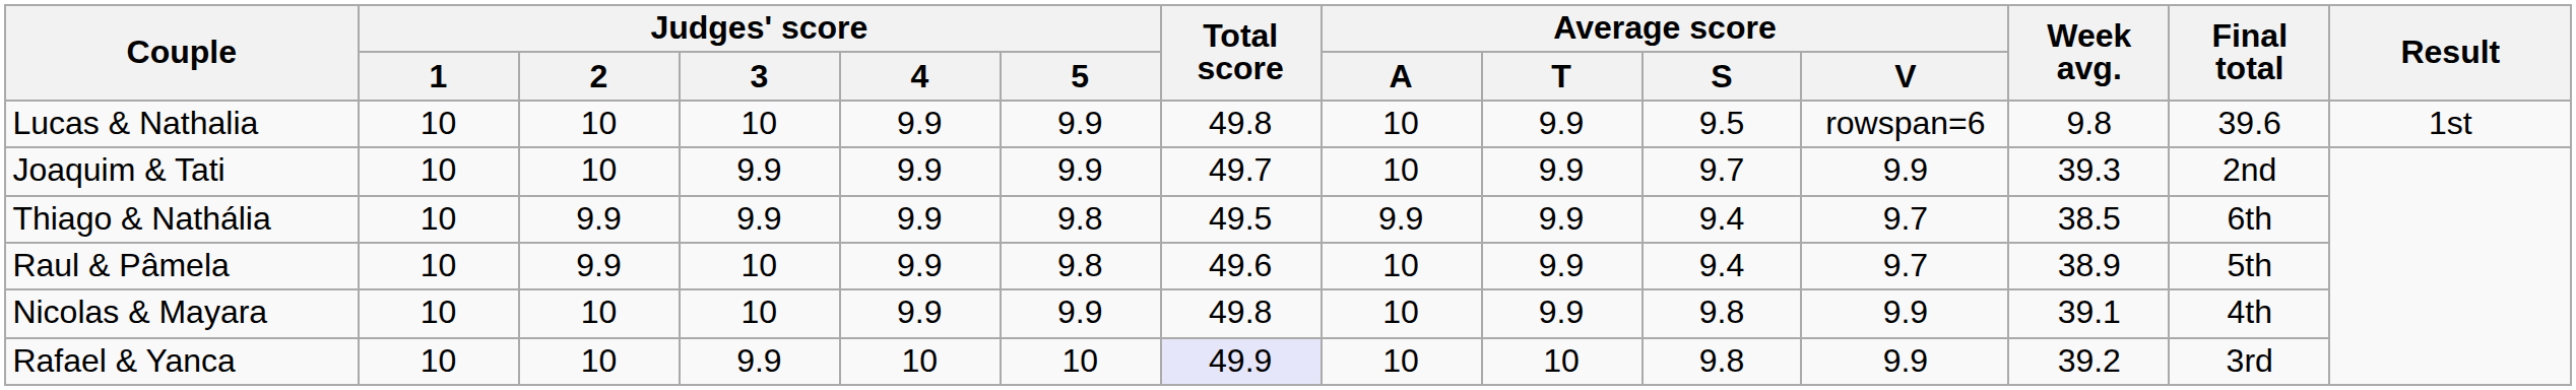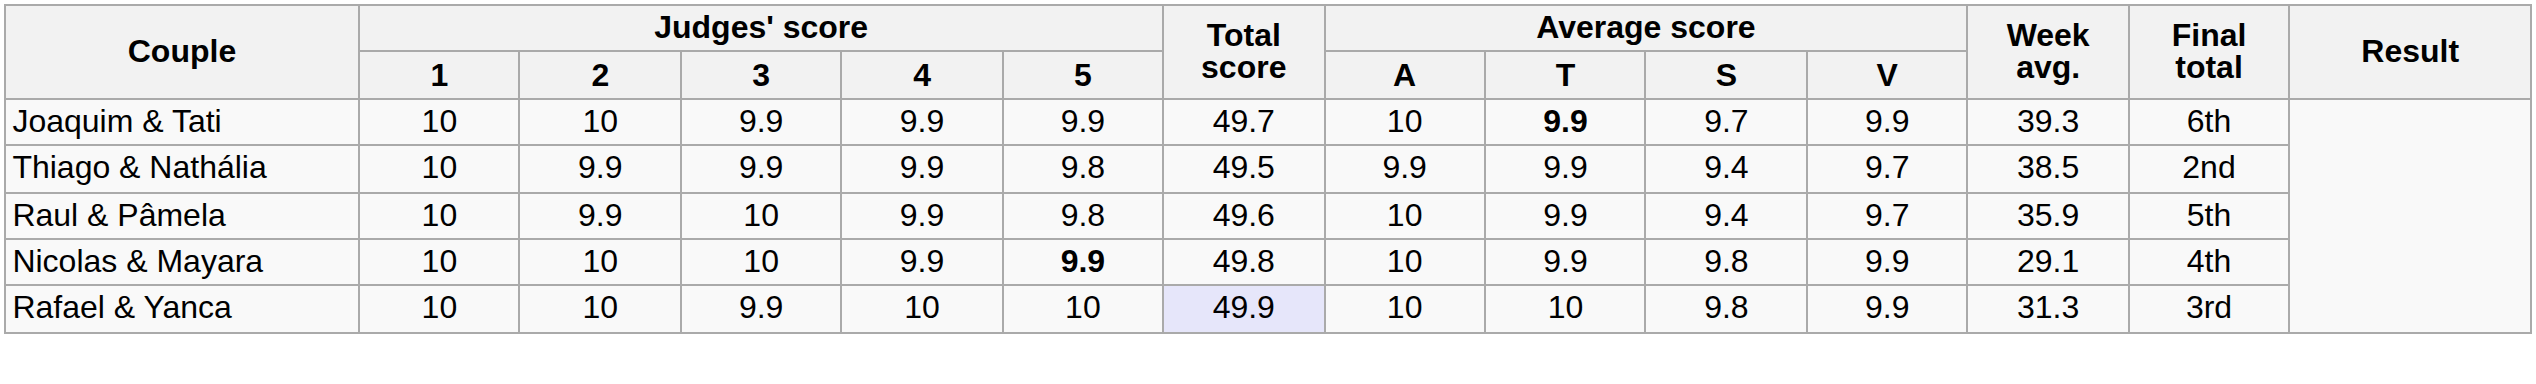 <table class="wikitable" style="font-size:100%; line-height:16px; text-align:center" width="100%">
 <tr>
 <th rowspan=2 style="width:11.0%;">Couple</th>
 <th colspan=5 style="width:25.0%;">Judges' score</th>
 <th rowspan=2 style="width:05.0%;">Total score</th>
 <th colspan=4 style="width:20.0%;">Average score</th>
 <th rowspan=2 style="width:05.0%;">Week avg.</th>
 <th rowspan=2 style="width:05.0%;">Final total</th>
 <th rowspan=2 style="width:07.5%;">Result</th>
 </tr>
 <tr>
 <th style="width:05.0%;">1</th>
 <th style="width:05.0%;">2</th>
 <th style="width:05.0%;">3</th>
 <th style="width:05.0%;">4</th>
 <th style="width:05.0%;">5</th>
 <th style="width:05.0%;">A</th>
 <th style="width:05.0%;">T</th>
 <th style="width:05.0%;">S</th>
 <th style="width:05.0%;">V</th>
 </tr>
 <tr>
-<td align="left">Lucas & Nathalia</td>
-<td>10</td>
-<td>10</td>
-<td>10</td>
-<td>9.9</td>
-<td>9.9</td>
-<td>49.8</td>
-<td>10</td>
-<td>9.9</td>
-<td>9.5</td>
-<td>rowspan=6 </td>
-<td>9.8</td>
-<td>39.6</td>
-<td>1st</td>
-</tr>
-<tr>
 <td align="left">Joaquim & Tati</td>
 <td>10</td>
 <td>10</td>
 <td>9.9</td>
 <td>9.9</td>
 <td>9.9</td>
 <td>49.7</td>
 <td>10</td>
-<td>9.9</td>
+<td><strong>9.9</strong></td>
 <td>9.7</td>
 <td>9.9</td>
 <td>39.3</td>
-<td>2nd</td>
+<td>6th</td>
 </tr>
 <tr>
 <td align="left">Thiago & Nathália</td>
 <td>10</td>
 <td>9.9</td>
 <td>9.9</td>
 <td>9.9</td>
 <td>9.8</td>
 <td>49.5</td>
 <td>9.9</td>
 <td>9.9</td>
 <td>9.4</td>
 <td>9.7</td>
 <td>38.5</td>
-<td>6th</td>
+<td>2nd</td>
 </tr>
 <tr>
 <td align="left">Raul & Pâmela</td>
 <td>10</td>
 <td>9.9</td>
 <td>10</td>
 <td>9.9</td>
 <td>9.8</td>
 <td>49.6</td>
 <td>10</td>
 <td>9.9</td>
 <td>9.4</td>
 <td>9.7</td>
-<td>38.9</td>
+<td>35.9</td>
 <td>5th</td>
 </tr>
 <tr>
 <td align="left">Nicolas & Mayara</td>
 <td>10</td>
 <td>10</td>
 <td>10</td>
 <td>9.9</td>
-<td>9.9</td>
+<td><strong>9.9</strong></td>
 <td>49.8</td>
 <td>10</td>
 <td>9.9</td>
 <td>9.8</td>
 <td>9.9</td>
-<td>39.1</td>
+<td>29.1</td>
 <td>4th</td>
 </tr>
 <tr>
 <td align="left">Rafael & Yanca</td>
 <td>10</td>
 <td>10</td>
 <td>9.9</td>
 <td>10</td>
 <td>10</td>
 <td style="background: lavender;">49.9</td>
 <td>10</td>
 <td>10</td>
 <td>9.8</td>
 <td>9.9</td>
-<td>39.2</td>
+<td>31.3</td>
 <td>3rd</td>
 </tr>
 <tr>
 </tr>
 </table>
